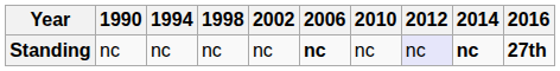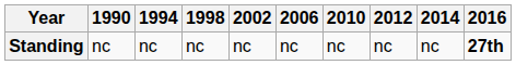 <table class="wikitable">
 <tr>
 <th>Year</th>
 <th>1990</th>
 <th>1994</th>
 <th>1998</th>
 <th>2002</th>
 <th>2006</th>
 <th>2010</th>
 <th>2012</th>
 <th>2014</th>
 <th>2016</th>
 </tr>
 <tr>
 <th>Standing</th>
 <td>nc</td>
 <td>nc</td>
 <td>nc</td>
 <td>nc</td>
-<td><strong>nc</strong></td>
 <td>nc</td>
-<td style="background: lavender;">nc</td>
-<td><strong>nc</strong></td>
+<td>nc</td>
+<td>nc</td>
+<td>nc</td>
 <td><strong>27th</strong></td>
 </tr>
 <tr>
 </tr>
 </table>
